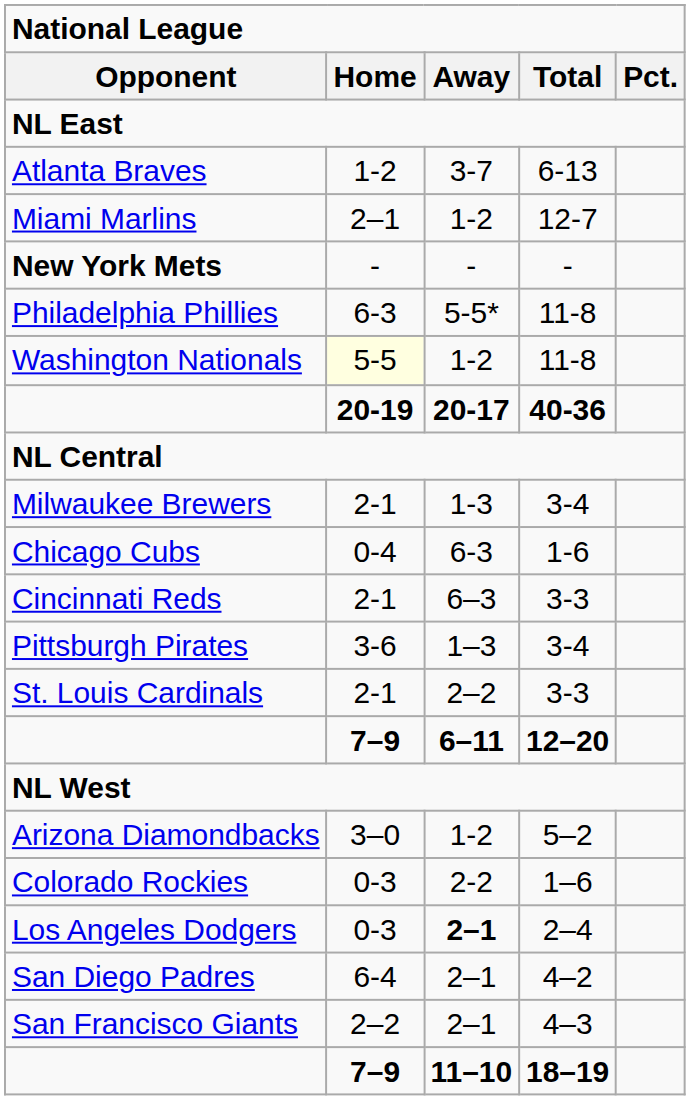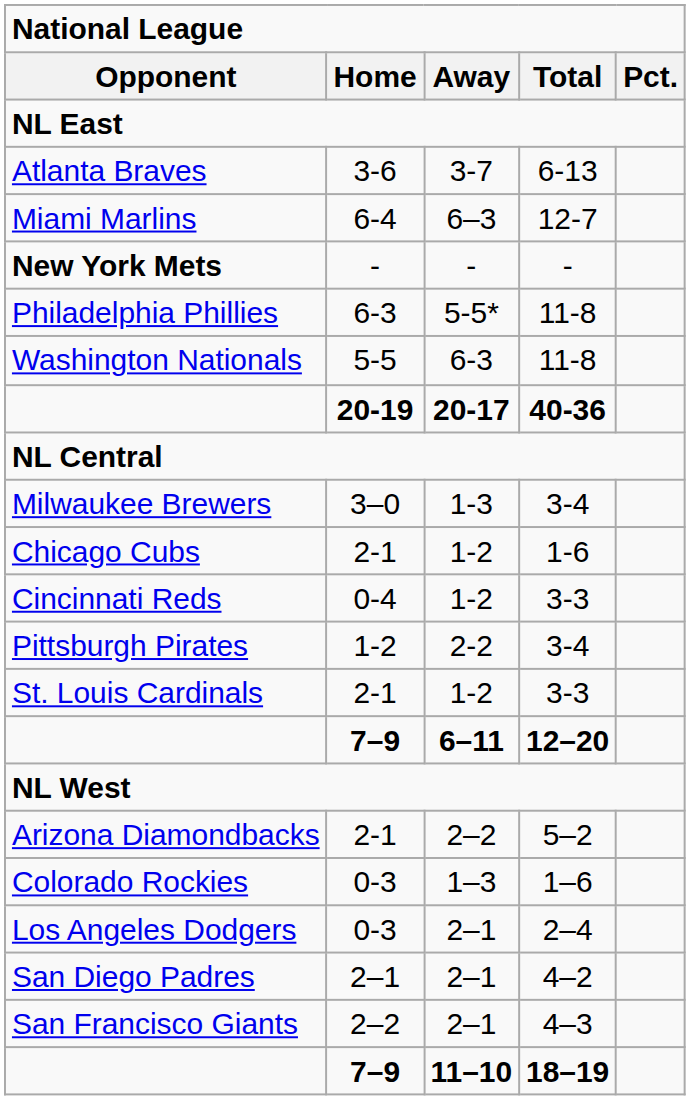 <table class="wikitable" style="font-size: 95%; text-align: center">
 <tr>
 <td colspan="7" style="text-align:left; "><strong>National League</strong></td>
 </tr>
 <tr>
 <th>Opponent</th>
 <th>Home</th>
 <th>Away</th>
 <th>Total</th>
 <th>Pct.</th>
 </tr>
 <tr>
 <td colspan="7" style="text-align:left; "><strong>NL East</strong></td>
 </tr>
 <tr>
 <td style="text-align:left"><a href='#'>Atlanta Braves</a></td>
-<td>1-2</td>
+<td>3-6</td>
 <td>3-7</td>
 <td>6-13</td>
 <td></td>
 </tr>
 <tr>
 <td style="text-align:left"><a href='#'>Miami Marlins</a></td>
-<td>2–1</td>
-<td>1-2</td>
+<td>6-4</td>
+<td>6–3</td>
 <td>12-7</td>
 <td></td>
 </tr>
 <tr>
 <td style="text-align:left"><strong>New York Mets</strong></td>
 <td>-</td>
 <td>-</td>
 <td>-</td>
 <td></td>
 </tr>
 <tr>
 <td style="text-align:left"><a href='#'>Philadelphia Phillies</a></td>
 <td>6-3</td>
 <td>5-5*</td>
 <td>11-8</td>
 <td></td>
 </tr>
 <tr>
 <td style="text-align:left"><a href='#'>Washington Nationals</a></td>
-<td style="background: lightyellow;">5-5</td>
-<td>1-2</td>
+<td>5-5</td>
+<td>6-3</td>
 <td>11-8</td>
 <td></td>
 </tr>
 <tr style="font-weight:bold">
 <td></td>
 <td>20-19</td>
 <td>20-17</td>
 <td>40-36</td>
 <td></td>
 </tr>
 <tr>
 <td colspan="7" style="text-align:left; "><strong>NL Central</strong></td>
 </tr>
 <tr>
 <td style="text-align:left"><a href='#'>Milwaukee Brewers</a></td>
-<td>2-1</td>
+<td>3–0</td>
 <td>1-3</td>
 <td>3-4</td>
 <td></td>
 </tr>
 <tr>
 <td style="text-align:left"><a href='#'>Chicago Cubs</a></td>
-<td>0-4</td>
-<td>6-3</td>
+<td>2-1</td>
+<td>1-2</td>
 <td>1-6</td>
 <td></td>
 </tr>
 <tr>
 <td style="text-align:left"><a href='#'>Cincinnati Reds</a></td>
-<td>2-1</td>
-<td>6–3</td>
+<td>0-4</td>
+<td>1-2</td>
 <td>3-3</td>
 <td></td>
 </tr>
 <tr>
 <td style="text-align:left"><a href='#'>Pittsburgh Pirates</a></td>
-<td>3-6</td>
-<td>1–3</td>
+<td>1-2</td>
+<td>2-2</td>
 <td>3-4</td>
 <td></td>
 </tr>
 <tr>
 <td style="text-align:left"><a href='#'>St. Louis Cardinals</a></td>
 <td>2-1</td>
-<td>2–2</td>
+<td>1-2</td>
 <td>3-3</td>
 <td></td>
 </tr>
 <tr style="font-weight:bold">
 <td></td>
 <td>7–9</td>
 <td>6–11</td>
 <td>12–20</td>
 <td></td>
 </tr>
 <tr>
 <td colspan="7" style="text-align:left; "><strong>NL West</strong></td>
 </tr>
 <tr>
 <td style="text-align:left"><a href='#'>Arizona Diamondbacks</a></td>
-<td>3–0</td>
-<td>1-2</td>
+<td>2-1</td>
+<td>2–2</td>
 <td>5–2</td>
 <td></td>
 </tr>
 <tr>
 <td style="text-align:left"><a href='#'>Colorado Rockies</a></td>
 <td>0-3</td>
-<td>2-2</td>
+<td>1–3</td>
 <td>1–6</td>
 <td></td>
 </tr>
 <tr>
 <td style="text-align:left"><a href='#'>Los Angeles Dodgers</a></td>
 <td>0-3</td>
-<td><strong>2–1</strong></td>
+<td>2–1</td>
 <td>2–4</td>
 <td></td>
 </tr>
 <tr>
 <td style="text-align:left"><a href='#'>San Diego Padres</a></td>
-<td>6-4</td>
+<td>2–1</td>
 <td>2–1</td>
 <td>4–2</td>
 <td></td>
 </tr>
 <tr>
 <td style="text-align:left"><a href='#'>San Francisco Giants</a></td>
 <td>2–2</td>
 <td>2–1</td>
 <td>4–3</td>
 <td></td>
 </tr>
 <tr style="font-weight:bold">
 <td></td>
 <td>7–9</td>
 <td>11–10</td>
 <td>18–19</td>
 <td></td>
 </tr>
 </table>
